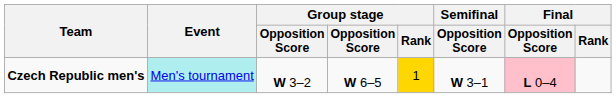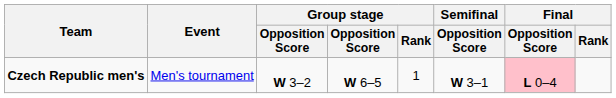 <table class="wikitable" style="font-size:90%">
 <tr>
 <th rowspan=2>Team</th>
 <th rowspan=2>Event</th>
 <th colspan=3>Group stage</th>
 <th>Semifinal</th>
 <th colspan=2>Final</th>
 </tr>
 <tr style="font-size:95%">
 <th>Opposition<br>Score</th>
 <th>Opposition<br>Score</th>
 <th>Rank</th>
 <th>Opposition<br>Score</th>
 <th>Opposition<br>Score</th>
 <th>Rank</th>
 </tr>
 <tr align=center>
 <td align=left><strong>Czech Republic men's</strong></td>
-<td align=left style="background: paleturquoise;"><a href='#'>Men's tournament</a></td>
+<td align=left><a href='#'>Men's tournament</a></td>
 <td><br><strong>W</strong> 3–2</td>
 <td><br><strong>W</strong> 6–5 </td>
-<td style="background: gold;">1</td>
+<td>1</td>
 <td><br><strong>W</strong> 3–1</td>
 <td style="background: pink;"><br><strong>L</strong> 0–4</td>
 <td></td>
 </tr>
 </table>
